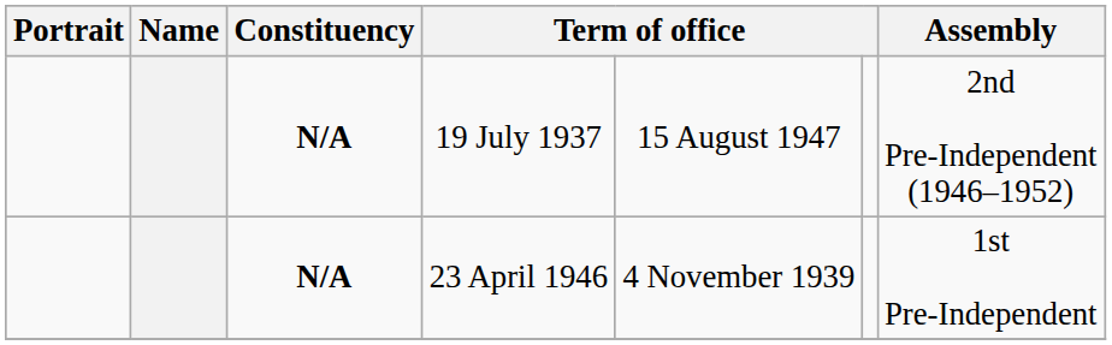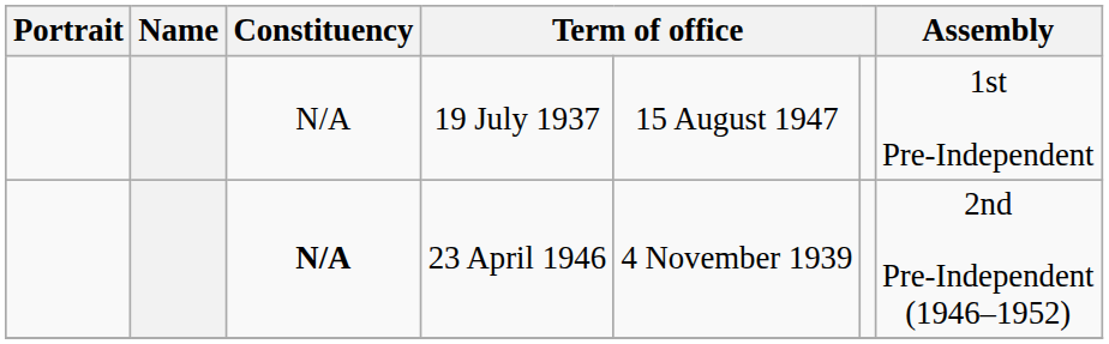 <table class="wikitable sortable" style="text-align:center">
 <tr align=center>
 <th class="unsortable" scope="col">Portrait</th>
 <th scope="col" class="sortable">Name</th>
 <th scope="col">Constituency</th>
 <th colspan="3" scope="colgroup">Term of office</th>
 <th scope="col">Assembly</th>
 </tr>
 <tr align=center>
 <td></td>
 <th scope="row"></th>
-<td><strong>N/A</strong></td>
+<td>N/A</td>
 <td>19 July 1937</td>
 <td>15 August 1947</td>
 <td></td>
-<td>2nd<br><br>Pre-Independent<br> (1946–1952)</td>
+<td>1st<br><br>Pre-Independent</td>
 </tr>
 <tr align=center>
 <td></td>
 <th scope="row"></th>
 <td><strong>N/A</strong></td>
 <td>23 April 1946</td>
 <td>4 November 1939</td>
 <td></td>
-<td>1st<br><br>Pre-Independent</td>
+<td>2nd<br><br>Pre-Independent<br> (1946–1952)</td>
 </tr>
 <tr>
 </tr>
 </table>
